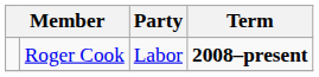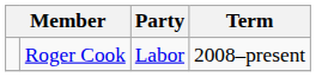 <table class="wikitable">
 <tr>
 <th colspan="2">Member</th>
 <th>Party</th>
 <th>Term</th>
 </tr>
 <tr>
 <td> </td>
 <td><a href='#'>Roger Cook</a></td>
 <td><a href='#'>Labor</a></td>
-<td><strong>2008–present</strong></td>
+<td>2008–present</td>
 </tr>
 <tr>
 </tr>
 </table>
